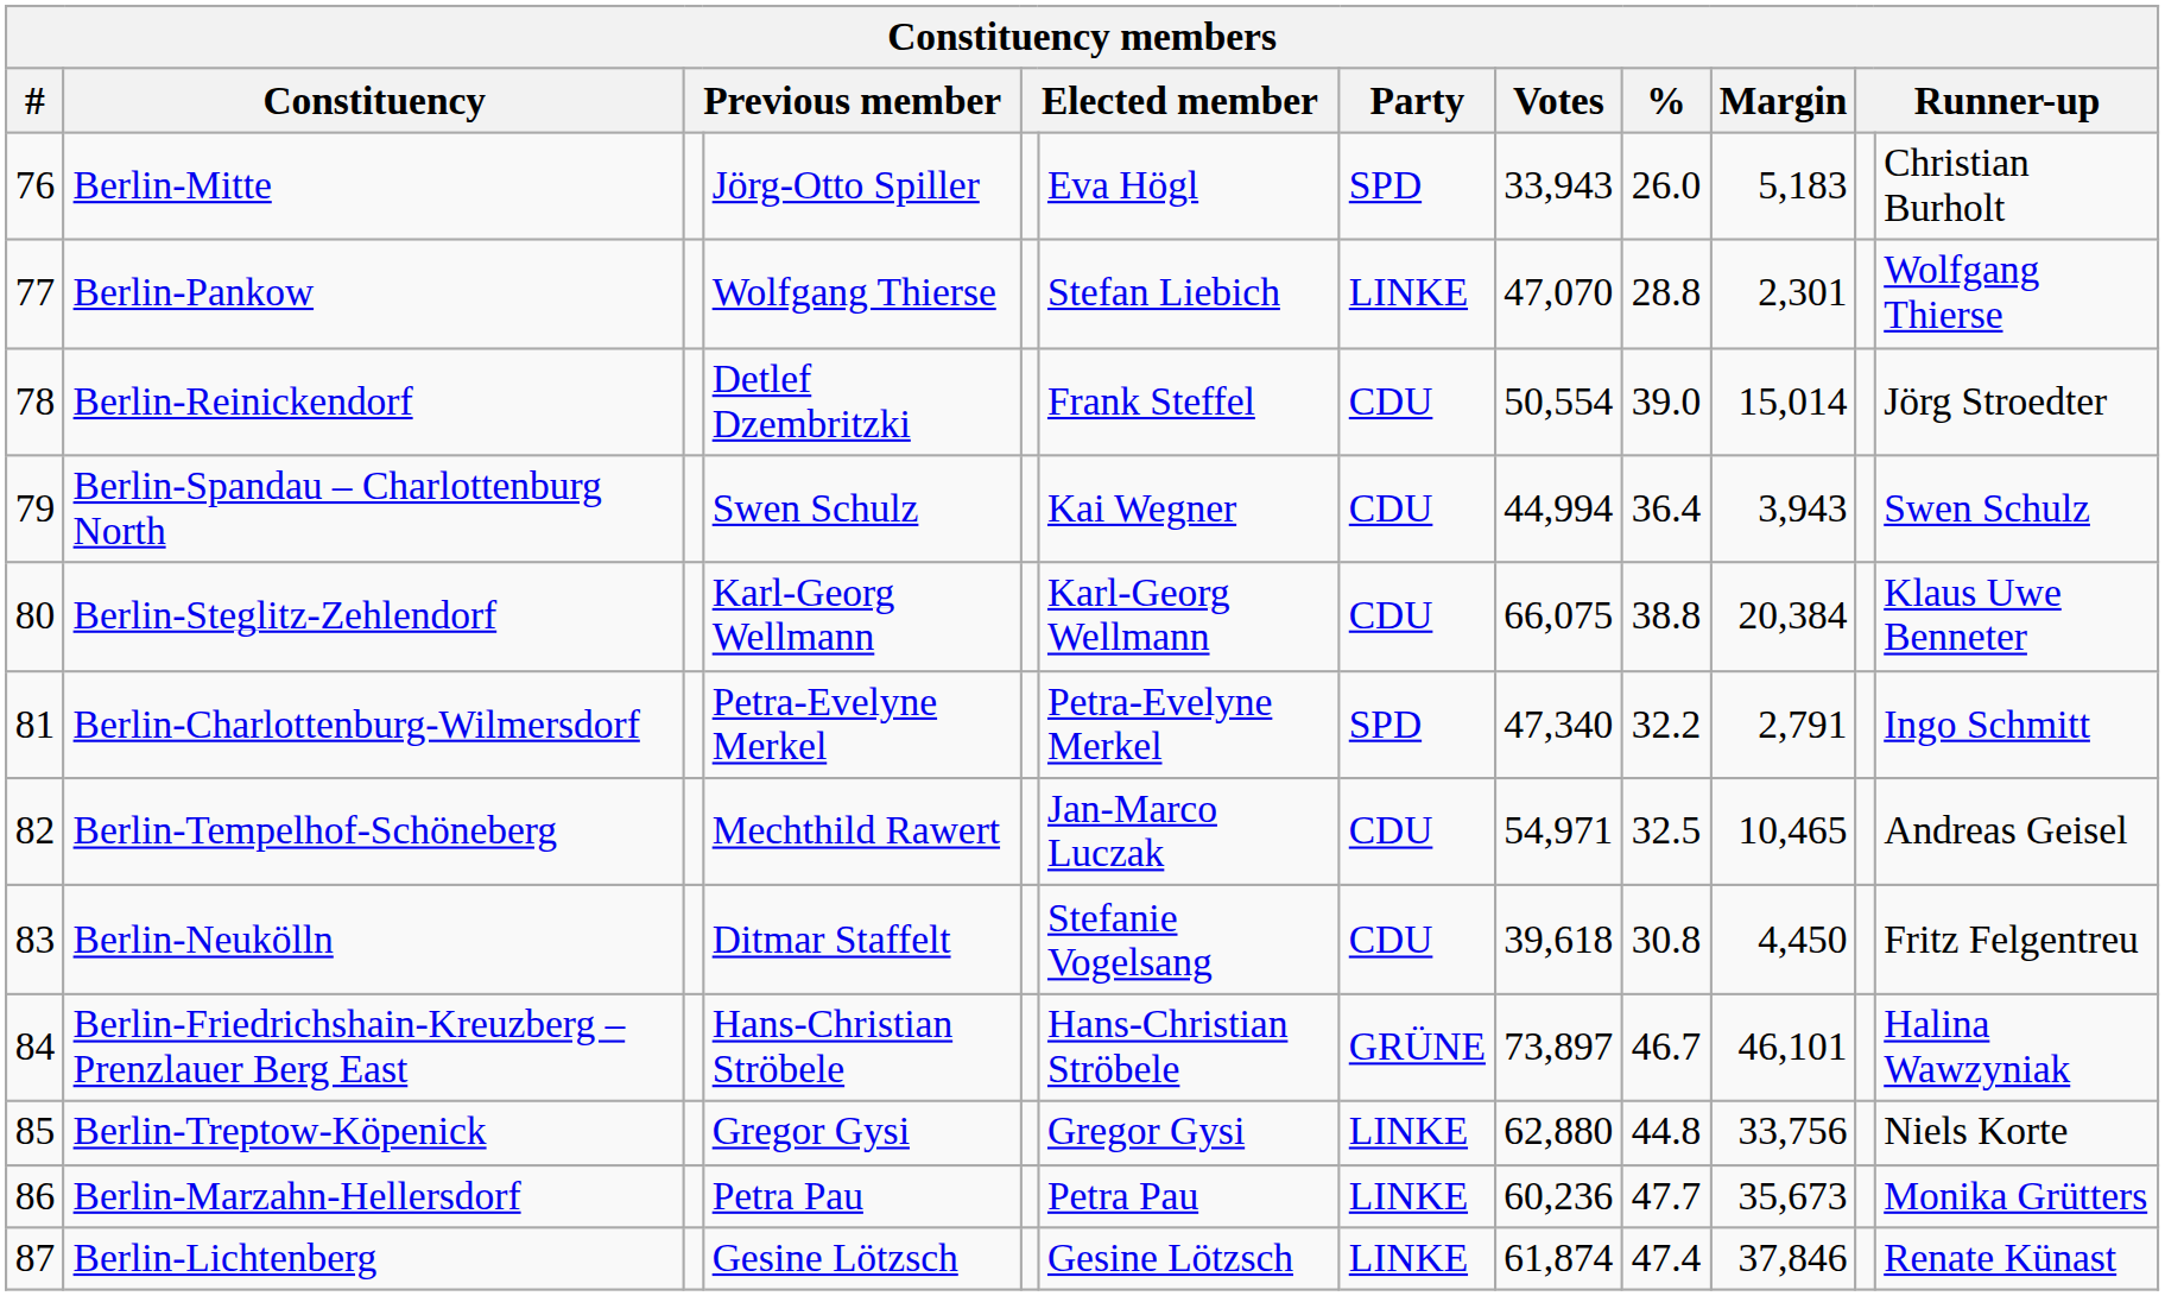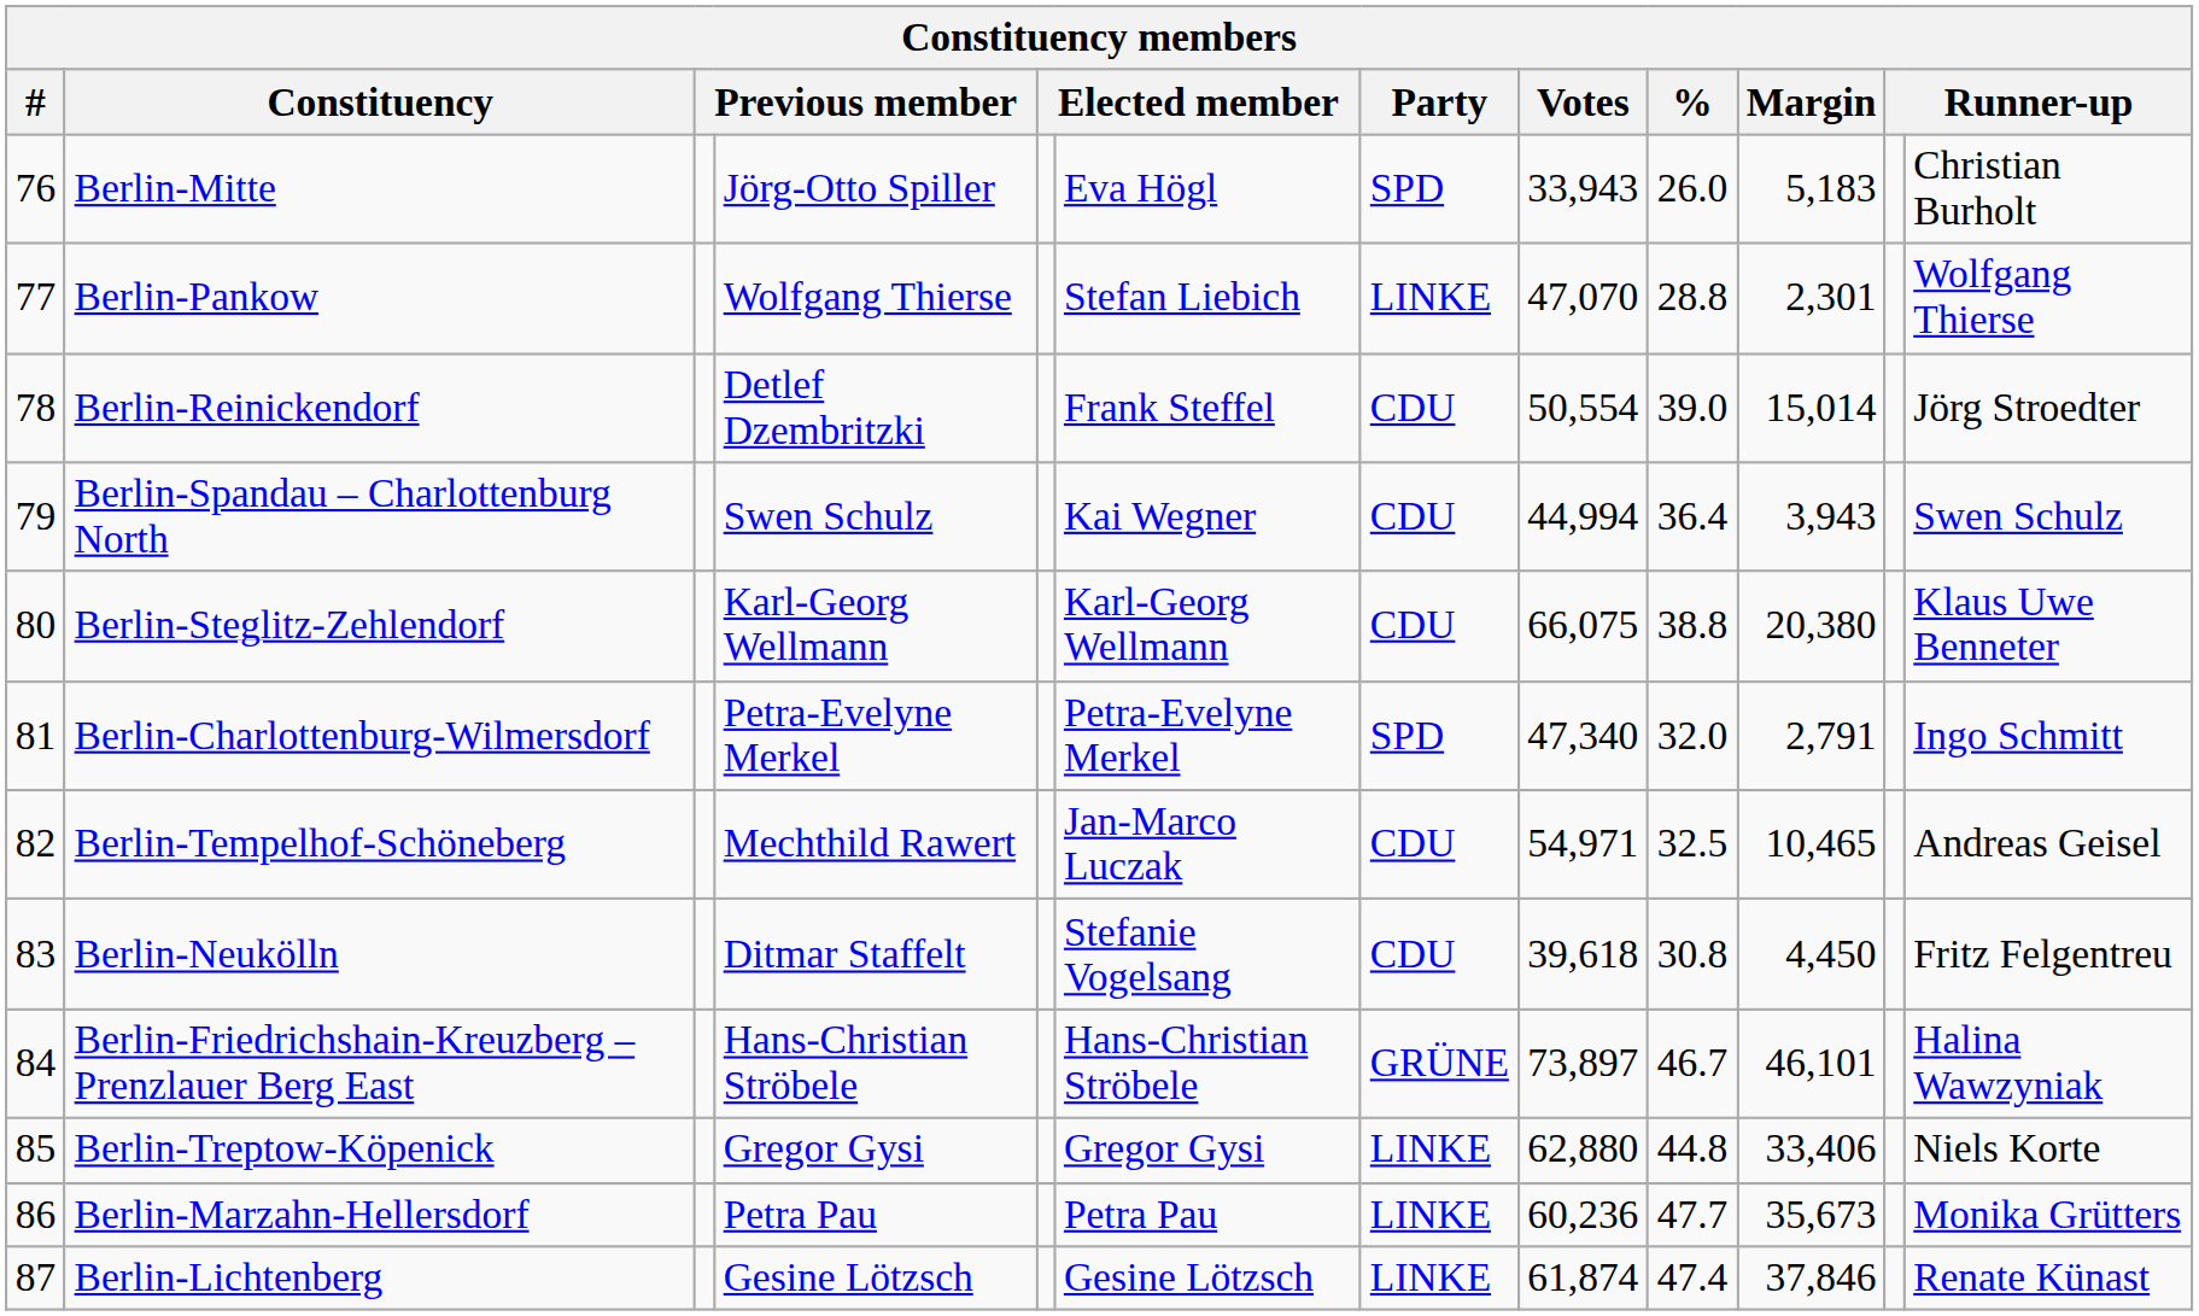 <table class="wikitable sortable" style="text-align:right">
 <tr>
 <th colspan="12">Constituency members</th>
 </tr>
 <tr>
 <th>#</th>
 <th>Constituency</th>
 <th colspan="2">Previous member</th>
 <th colspan="2">Elected member</th>
 <th>Party</th>
 <th>Votes</th>
 <th>%</th>
 <th>Margin</th>
 <th colspan="2">Runner-up</th>
 </tr>
 <tr>
 <td>76</td>
 <td align=left><a href='#'>Berlin-Mitte</a></td>
 <td bgcolor=></td>
 <td align=left><a href='#'>Jörg-Otto Spiller</a></td>
 <td></td>
 <td align=left><a href='#'>Eva Högl</a></td>
 <td align=left><a href='#'>SPD</a></td>
 <td>33,943</td>
 <td>26.0</td>
 <td>5,183</td>
 <td bgcolor=></td>
 <td align=left>Christian Burholt</td>
 </tr>
 <tr>
 <td>77</td>
 <td align=left><a href='#'>Berlin-Pankow</a></td>
 <td bgcolor=></td>
 <td align=left><a href='#'>Wolfgang Thierse</a></td>
 <td bgcolor=></td>
 <td align=left><a href='#'>Stefan Liebich</a></td>
 <td align=left><a href='#'>LINKE</a></td>
 <td>47,070</td>
 <td>28.8</td>
 <td>2,301</td>
 <td bgcolor=></td>
 <td align=left><a href='#'>Wolfgang Thierse</a></td>
 </tr>
 <tr>
 <td>78</td>
 <td align=left><a href='#'>Berlin-Reinickendorf</a></td>
 <td bgcolor=></td>
 <td align=left><a href='#'>Detlef Dzembritzki</a></td>
 <td></td>
 <td align=left><a href='#'>Frank Steffel</a></td>
 <td align=left><a href='#'>CDU</a></td>
 <td>50,554</td>
 <td>39.0</td>
 <td>15,014</td>
 <td bgcolor=></td>
 <td align=left>Jörg Stroedter</td>
 </tr>
 <tr>
 <td>79</td>
 <td align=left><a href='#'>Berlin-Spandau – Charlottenburg North</a></td>
 <td bgcolor=></td>
 <td align=left><a href='#'>Swen Schulz</a></td>
 <td bgcolor=></td>
 <td align=left><a href='#'>Kai Wegner</a></td>
 <td align=left><a href='#'>CDU</a></td>
 <td>44,994</td>
 <td>36.4</td>
 <td>3,943</td>
 <td bgcolor=></td>
 <td align=left><a href='#'>Swen Schulz</a></td>
 </tr>
 <tr>
 <td>80</td>
 <td align=left><a href='#'>Berlin-Steglitz-Zehlendorf</a></td>
 <td bgcolor=></td>
 <td align=left><a href='#'>Karl-Georg Wellmann</a></td>
 <td bgcolor=></td>
 <td align=left><a href='#'>Karl-Georg Wellmann</a></td>
 <td align=left><a href='#'>CDU</a></td>
 <td>66,075</td>
 <td>38.8</td>
-<td>20,384</td>
+<td>20,380</td>
 <td bgcolor=></td>
 <td align=left><a href='#'>Klaus Uwe Benneter</a></td>
 </tr>
 <tr>
 <td>81</td>
 <td align=left><a href='#'>Berlin-Charlottenburg-Wilmersdorf</a></td>
 <td bgcolor=></td>
 <td align=left><a href='#'>Petra-Evelyne Merkel</a></td>
 <td></td>
 <td align=left><a href='#'>Petra-Evelyne Merkel</a></td>
 <td align="left"><a href='#'>SPD</a></td>
 <td>47,340</td>
-<td>32.2</td>
+<td>32.0</td>
 <td>2,791</td>
 <td bgcolor=></td>
 <td align=left><a href='#'>Ingo Schmitt</a></td>
 </tr>
 <tr>
 <td>82</td>
 <td align=left><a href='#'>Berlin-Tempelhof-Schöneberg</a></td>
 <td bgcolor=></td>
 <td align=left><a href='#'>Mechthild Rawert</a></td>
 <td bgcolor=></td>
 <td align=left><a href='#'>Jan-Marco Luczak</a></td>
 <td align=left><a href='#'>CDU</a></td>
 <td>54,971</td>
 <td>32.5</td>
 <td>10,465</td>
 <td bgcolor=></td>
 <td align=left>Andreas Geisel</td>
 </tr>
 <tr>
 <td>83</td>
 <td align=left><a href='#'>Berlin-Neukölln</a></td>
 <td bgcolor=></td>
 <td align=left><a href='#'>Ditmar Staffelt</a></td>
 <td></td>
 <td align=left><a href='#'>Stefanie Vogelsang</a></td>
 <td align="left"><a href='#'>CDU</a></td>
 <td>39,618</td>
 <td>30.8</td>
 <td>4,450</td>
 <td bgcolor=></td>
 <td align=left>Fritz Felgentreu</td>
 </tr>
 <tr>
 <td>84</td>
 <td align=left><a href='#'>Berlin-Friedrichshain-Kreuzberg – Prenzlauer Berg East</a></td>
 <td bgcolor=></td>
 <td align=left><a href='#'>Hans-Christian Ströbele</a></td>
 <td bgcolor=></td>
 <td align=left><a href='#'>Hans-Christian Ströbele</a></td>
 <td align=left><a href='#'>GRÜNE</a></td>
 <td>73,897</td>
 <td>46.7</td>
 <td>46,101</td>
 <td bgcolor=></td>
 <td align=left><a href='#'>Halina Wawzyniak</a></td>
 </tr>
 <tr>
 <td>85</td>
 <td align=left><a href='#'>Berlin-Treptow-Köpenick</a></td>
 <td bgcolor=></td>
 <td align=left><a href='#'>Gregor Gysi</a></td>
 <td bgcolor=></td>
 <td align=left><a href='#'>Gregor Gysi</a></td>
 <td align=left><a href='#'>LINKE</a></td>
 <td>62,880</td>
 <td>44.8</td>
-<td>33,756</td>
+<td>33,406</td>
 <td bgcolor=></td>
 <td align=left>Niels Korte</td>
 </tr>
 <tr>
 <td>86</td>
 <td align=left><a href='#'>Berlin-Marzahn-Hellersdorf</a></td>
 <td bgcolor=></td>
 <td align=left><a href='#'>Petra Pau</a></td>
 <td bgcolor=></td>
 <td align=left><a href='#'>Petra Pau</a></td>
 <td align=left><a href='#'>LINKE</a></td>
 <td>60,236</td>
 <td>47.7</td>
 <td>35,673</td>
 <td bgcolor=></td>
 <td align=left><a href='#'>Monika Grütters</a></td>
 </tr>
 <tr>
 <td>87</td>
 <td align=left><a href='#'>Berlin-Lichtenberg</a></td>
 <td bgcolor=></td>
 <td align=left><a href='#'>Gesine Lötzsch</a></td>
 <td bgcolor=></td>
 <td align=left><a href='#'>Gesine Lötzsch</a></td>
 <td align=left><a href='#'>LINKE</a></td>
 <td>61,874</td>
 <td>47.4</td>
 <td>37,846</td>
 <td bgcolor=></td>
 <td align=left><a href='#'>Renate Künast</a></td>
 </tr>
 </table>
